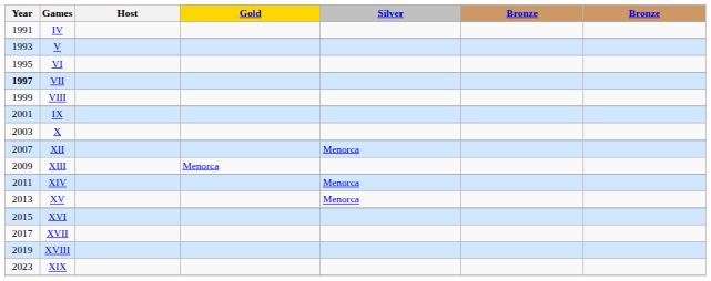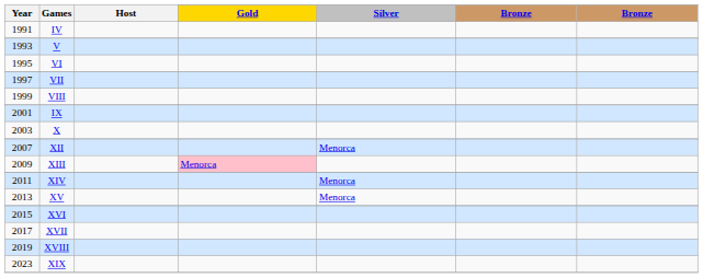 <table class="wikitable" style="text-align: center; font-size:95%;">
 <tr>
 <th rowspan="2" style="width:5%;">Year</th>
 <th rowspan="2" style="width:5%;">Games</th>
 <th rowspan="2" style="width:15%;">Host</th>
 </tr>
 <tr>
 <th style="background-color: gold"><a href='#'>Gold</a></th>
 <th style="background-color: silver"><a href='#'>Silver</a></th>
 <th style="background-color: #CC9966"><a href='#'>Bronze</a></th>
 <th style="background-color: #CC9966"><a href='#'>Bronze</a></th>
 </tr>
 <tr>
 <td>1991</td>
 <td align=center><a href='#'>IV</a></td>
 <td align="left"></td>
 <td align="left"></td>
 <td align="left"></td>
 <td align="left"></td>
 <td></td>
 </tr>
 <tr>
 </tr>
 <tr style="text-align:center; background:#d0e7ff;">
 <td>1993</td>
 <td align=center><a href='#'>V</a></td>
 <td align="left"></td>
 <td align="left"></td>
 <td align="left"></td>
 <td align="left"></td>
 <td></td>
 </tr>
 <tr>
 <td>1995</td>
 <td align=center><a href='#'>VI</a></td>
 <td align="left"></td>
 <td align="left"></td>
 <td align="left"></td>
 <td align="left"></td>
 <td></td>
 </tr>
 <tr>
 </tr>
 <tr style="text-align:center; background:#d0e7ff;">
-<td><strong>1997</strong></td>
+<td>1997</td>
 <td align=center><a href='#'>VII</a></td>
 <td align="left"></td>
 <td align="left"></td>
 <td align="left"></td>
 <td align="left"></td>
 <td></td>
 </tr>
 <tr>
 <td>1999</td>
 <td align=center><a href='#'>VIII</a></td>
 <td align="left"></td>
 <td align="left"></td>
 <td align="left"></td>
 <td align="left"></td>
 <td></td>
 </tr>
 <tr>
 </tr>
 <tr style="text-align:center; background:#d0e7ff;">
 <td>2001</td>
 <td align=center><a href='#'>IX</a></td>
 <td align="left"></td>
 <td align="left"> </td>
 <td align="left"> </td>
 <td align="left"> </td>
 <td></td>
 </tr>
 <tr>
 <td>2003</td>
 <td align=center><a href='#'>X</a></td>
 <td align="left"></td>
 <td align="left"></td>
 <td align="left"></td>
 <td align="left"></td>
 <td></td>
 </tr>
 <tr>
 </tr>
 <tr style="text-align:center; background:#d0e7ff;">
 <td>2007</td>
 <td align=center><a href='#'>XII</a></td>
 <td align="left"></td>
 <td align="left"></td>
 <td align="left"> <a href='#'>Menorca</a></td>
 <td align="left"></td>
 <td></td>
 </tr>
 <tr>
 <td>2009</td>
 <td align=center><a href='#'>XIII</a></td>
 <td align="left"></td>
-<td align="left"> <a href='#'>Menorca</a></td>
+<td align="left" style="background: pink;"> <a href='#'>Menorca</a></td>
 <td align="left"></td>
 <td align="left"></td>
 <td></td>
 </tr>
 <tr>
 </tr>
 <tr style="text-align:center; background:#d0e7ff;">
 <td>2011</td>
 <td align=center><a href='#'>XIV</a></td>
 <td align="left"></td>
 <td align="left"></td>
 <td align="left"> <a href='#'>Menorca</a></td>
 <td align="left"></td>
 <td></td>
 </tr>
 <tr>
 <td>2013</td>
 <td align=center><a href='#'>XV</a></td>
 <td align="left"></td>
 <td align="left"> </td>
 <td align="left"> <a href='#'>Menorca</a></td>
 <td align="left"></td>
 <td align="left"></td>
 </tr>
 <tr>
 </tr>
 <tr style="text-align:center; background:#d0e7ff;">
 <td>2015</td>
 <td align=center><a href='#'>XVI</a></td>
 <td align="left"></td>
 <td align="left"> </td>
 <td align="left"> </td>
 <td align="left"> </td>
 <td align="left"></td>
 </tr>
 <tr>
 <td>2017</td>
 <td align=center><a href='#'>XVII</a></td>
 <td align="left"></td>
 <td align="left"></td>
 <td align="left"></td>
 <td align="left"></td>
 <td align="left"></td>
 </tr>
 <tr style="text-align:center; background:#d0e7ff;">
 <td>2019</td>
 <td align=center><a href='#'>XVIII</a></td>
 <td align="left"></td>
 <td align="left"></td>
 <td align="left"></td>
 <td align="left"></td>
 <td align="left"></td>
 </tr>
 <tr>
 <td>2023</td>
 <td align=center><a href='#'>XIX</a></td>
 <td align="left"></td>
 <td align="left"></td>
 <td align="left"></td>
 <td align="left"></td>
 <td align="left"></td>
 </tr>
 <tr>
 </tr>
 </table>
